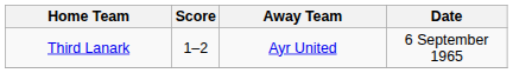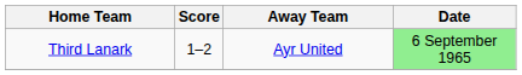 <table class="wikitable" style="text-align:center;">
 <tr>
 <th width=175>Home Team</th>
 <th width=20>Score</th>
 <th width=175>Away Team</th>
 <th width= 125>Date</th>
 </tr>
 <tr>
 <td><a href='#'>Third Lanark</a></td>
 <td>1–2</td>
 <td><a href='#'>Ayr United</a></td>
-<td>6 September 1965</td>
+<td style="background: lightgreen;">6 September 1965</td>
 </tr>
 <tr>
 </tr>
 </table>
